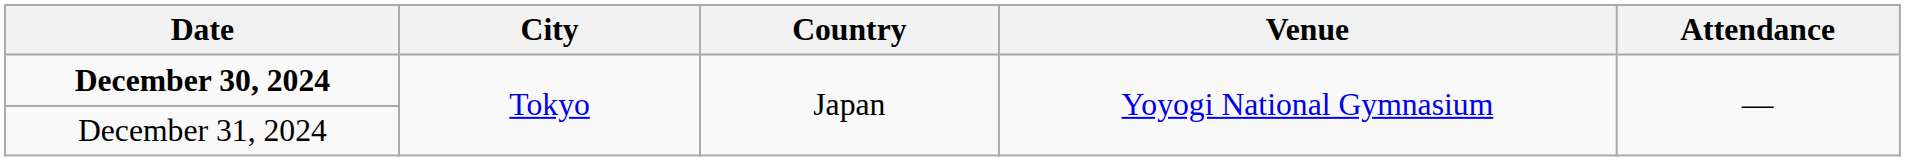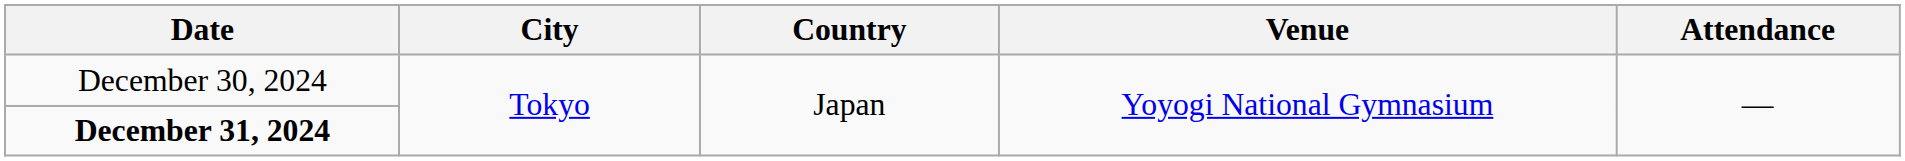 <table class="wikitable plainrowheaders" style="text-align:center">
 <tr>
 <th scope="col" style="width:12em">Date</th>
 <th scope="col" style="width:9em">City</th>
 <th scope="col" style="width:9em">Country</th>
 <th scope="col" style="width:19em">Venue</th>
 <th scope="col" style="width:8.5em">Attendance</th>
 </tr>
 <tr>
-<td><strong>December 30, 2024</strong></td>
+<td>December 30, 2024</td>
 <td rowspan="2"><a href='#'>Tokyo</a></td>
 <td rowspan="2">Japan</td>
 <td rowspan="2"><a href='#'>Yoyogi National Gymnasium</a></td>
 <td rowspan="2">—</td>
 </tr>
 <tr>
-<td>December 31, 2024</td>
+<td><strong>December 31, 2024</strong></td>
 </tr>
 </table>
